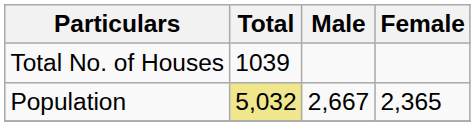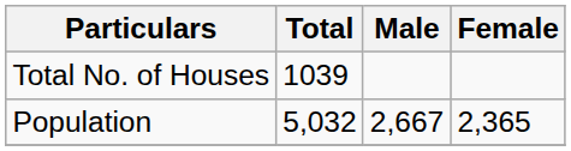 <table class="wikitable sortable">
 <tr>
 <th>Particulars</th>
 <th>Total</th>
 <th>Male</th>
 <th>Female</th>
 </tr>
 <tr>
 <td>Total No. of Houses</td>
 <td>1039</td>
 <td></td>
 <td></td>
 </tr>
 <tr>
 <td>Population</td>
-<td style="background: khaki;">5,032</td>
+<td>5,032</td>
 <td>2,667</td>
 <td>2,365</td>
 </tr>
 <tr>
 </tr>
 </table>
